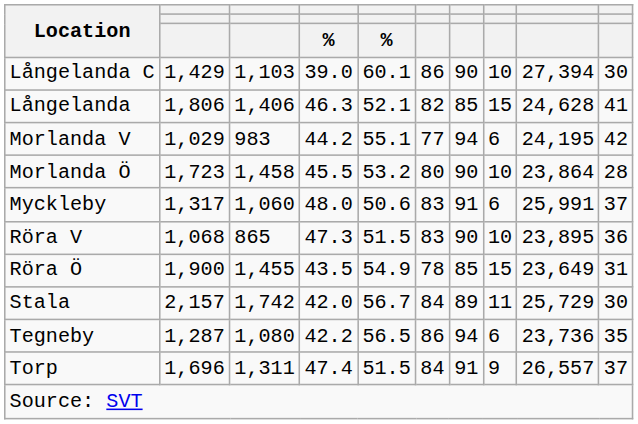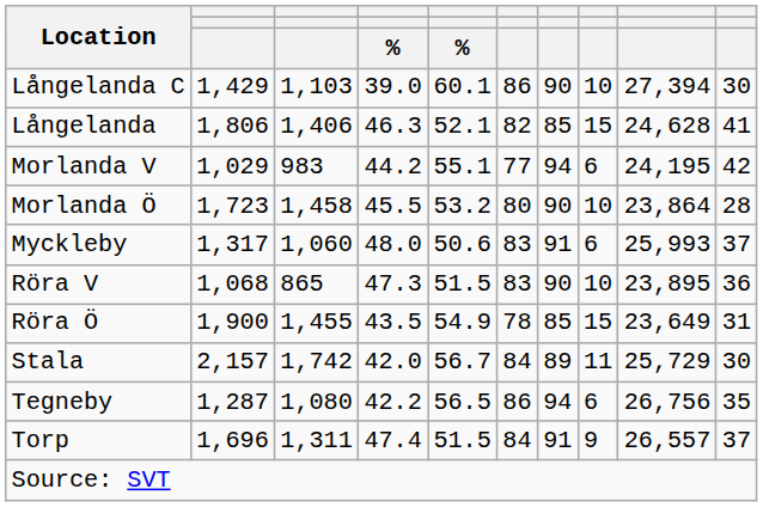 <table role="presentation" class="wikitable sortable mw-collapsible">
 <tr>
 <th rowspan="3">Location</th>
 <th></th>
 <th></th>
 <th></th>
 <th></th>
 <th></th>
 <th></th>
 <th></th>
 <th></th>
 <th></th>
 </tr>
 <tr>
 <th></th>
 <th></th>
 <th style="background:"></th>
 <th style="background:"></th>
 <th></th>
 <th></th>
 <th></th>
 <th></th>
 <th></th>
 </tr>
 <tr>
 <th data-sort-type="number"></th>
 <th data-sort-type="number"></th>
 <th data-sort-type="number">%</th>
 <th data-sort-type="number">%</th>
 <th data-sort-type="number"></th>
 <th data-sort-type="number"></th>
 <th data-sort-type="number"></th>
 <th data-sort-type="number"></th>
 <th data-sort-type="number"></th>
 </tr>
 <tr>
 <td align="left">Långelanda C</td>
 <td>1,429</td>
 <td>1,103</td>
 <td>39.0</td>
 <td>60.1</td>
 <td>86</td>
 <td>90</td>
 <td>10</td>
 <td>27,394</td>
 <td>30</td>
 </tr>
 <tr>
 <td align="left">Långelanda</td>
 <td>1,806</td>
 <td>1,406</td>
 <td>46.3</td>
 <td>52.1</td>
 <td>82</td>
 <td>85</td>
 <td>15</td>
 <td>24,628</td>
 <td>41</td>
 </tr>
 <tr>
 <td align="left">Morlanda V</td>
 <td>1,029</td>
 <td>983</td>
 <td>44.2</td>
 <td>55.1</td>
 <td>77</td>
 <td>94</td>
 <td>6</td>
 <td>24,195</td>
 <td>42</td>
 </tr>
 <tr>
 <td align="left">Morlanda Ö</td>
 <td>1,723</td>
 <td>1,458</td>
 <td>45.5</td>
 <td>53.2</td>
 <td>80</td>
 <td>90</td>
 <td>10</td>
 <td>23,864</td>
 <td>28</td>
 </tr>
 <tr>
 <td align="left">Myckleby</td>
 <td>1,317</td>
 <td>1,060</td>
 <td>48.0</td>
 <td>50.6</td>
 <td>83</td>
 <td>91</td>
 <td>6</td>
-<td>25,991</td>
+<td>25,993</td>
 <td>37</td>
 </tr>
 <tr>
 <td align="left">Röra V</td>
 <td>1,068</td>
 <td>865</td>
 <td>47.3</td>
 <td>51.5</td>
 <td>83</td>
 <td>90</td>
 <td>10</td>
 <td>23,895</td>
 <td>36</td>
 </tr>
 <tr>
 <td align="left">Röra Ö</td>
 <td>1,900</td>
 <td>1,455</td>
 <td>43.5</td>
 <td>54.9</td>
 <td>78</td>
 <td>85</td>
 <td>15</td>
 <td>23,649</td>
 <td>31</td>
 </tr>
 <tr>
 <td align="left">Stala</td>
 <td>2,157</td>
 <td>1,742</td>
 <td>42.0</td>
 <td>56.7</td>
 <td>84</td>
 <td>89</td>
 <td>11</td>
 <td>25,729</td>
 <td>30</td>
 </tr>
 <tr>
 <td align="left">Tegneby</td>
 <td>1,287</td>
 <td>1,080</td>
 <td>42.2</td>
 <td>56.5</td>
 <td>86</td>
 <td>94</td>
 <td>6</td>
-<td>23,736</td>
+<td>26,756</td>
 <td>35</td>
 </tr>
 <tr>
 <td align="left">Torp</td>
 <td>1,696</td>
 <td>1,311</td>
 <td>47.4</td>
 <td>51.5</td>
 <td>84</td>
 <td>91</td>
 <td>9</td>
 <td>26,557</td>
 <td>37</td>
 </tr>
 <tr>
 <td colspan="10" align="left">Source: <a href='#'>SVT</a></td>
 </tr>
 </table>
